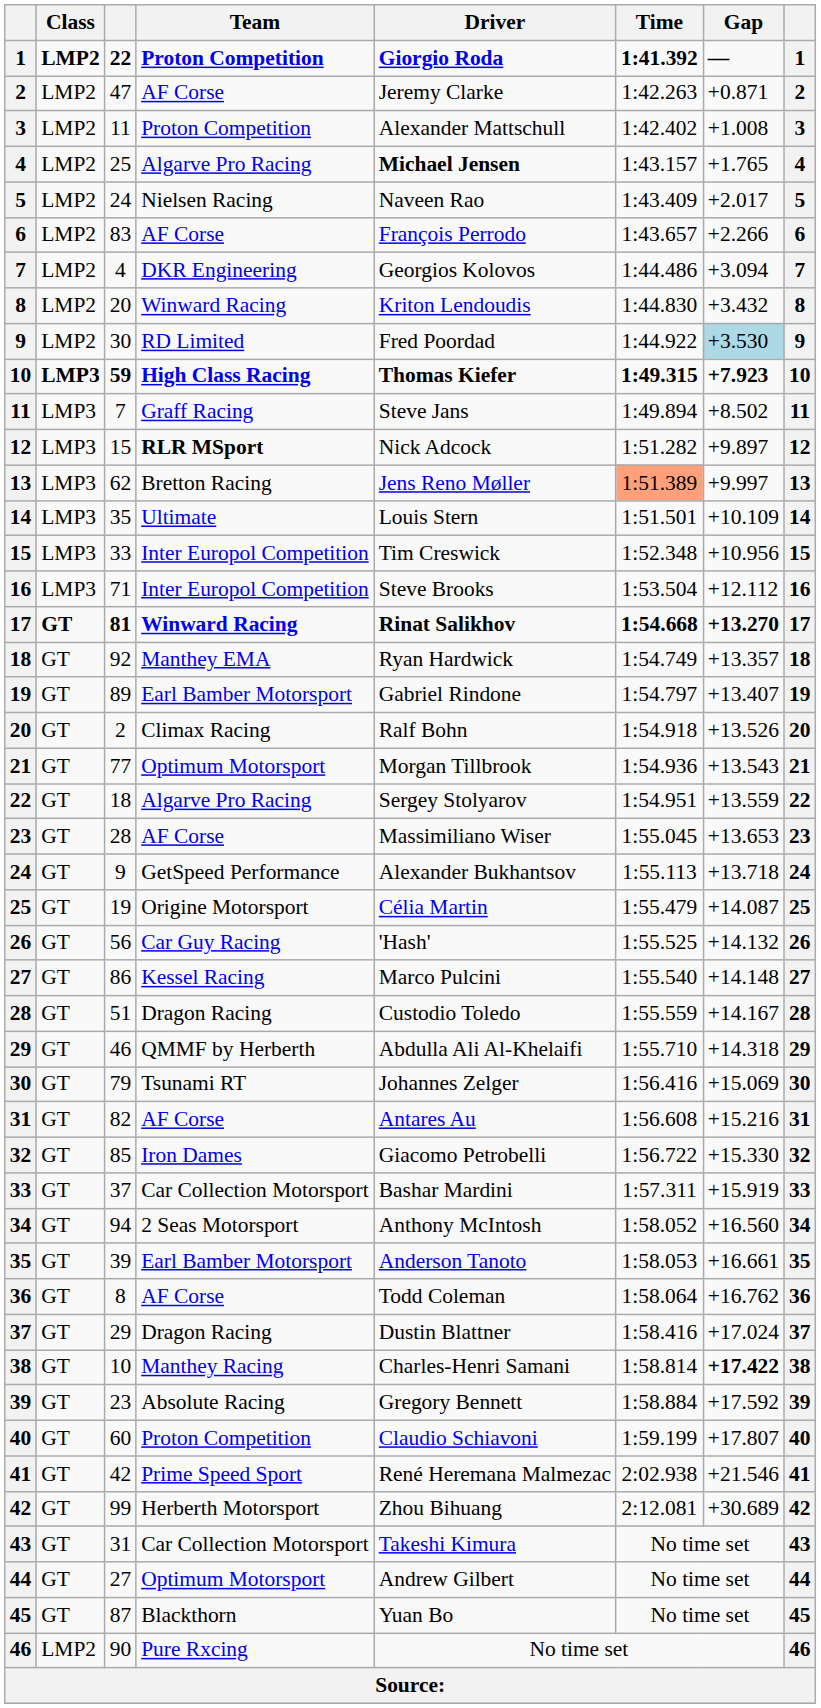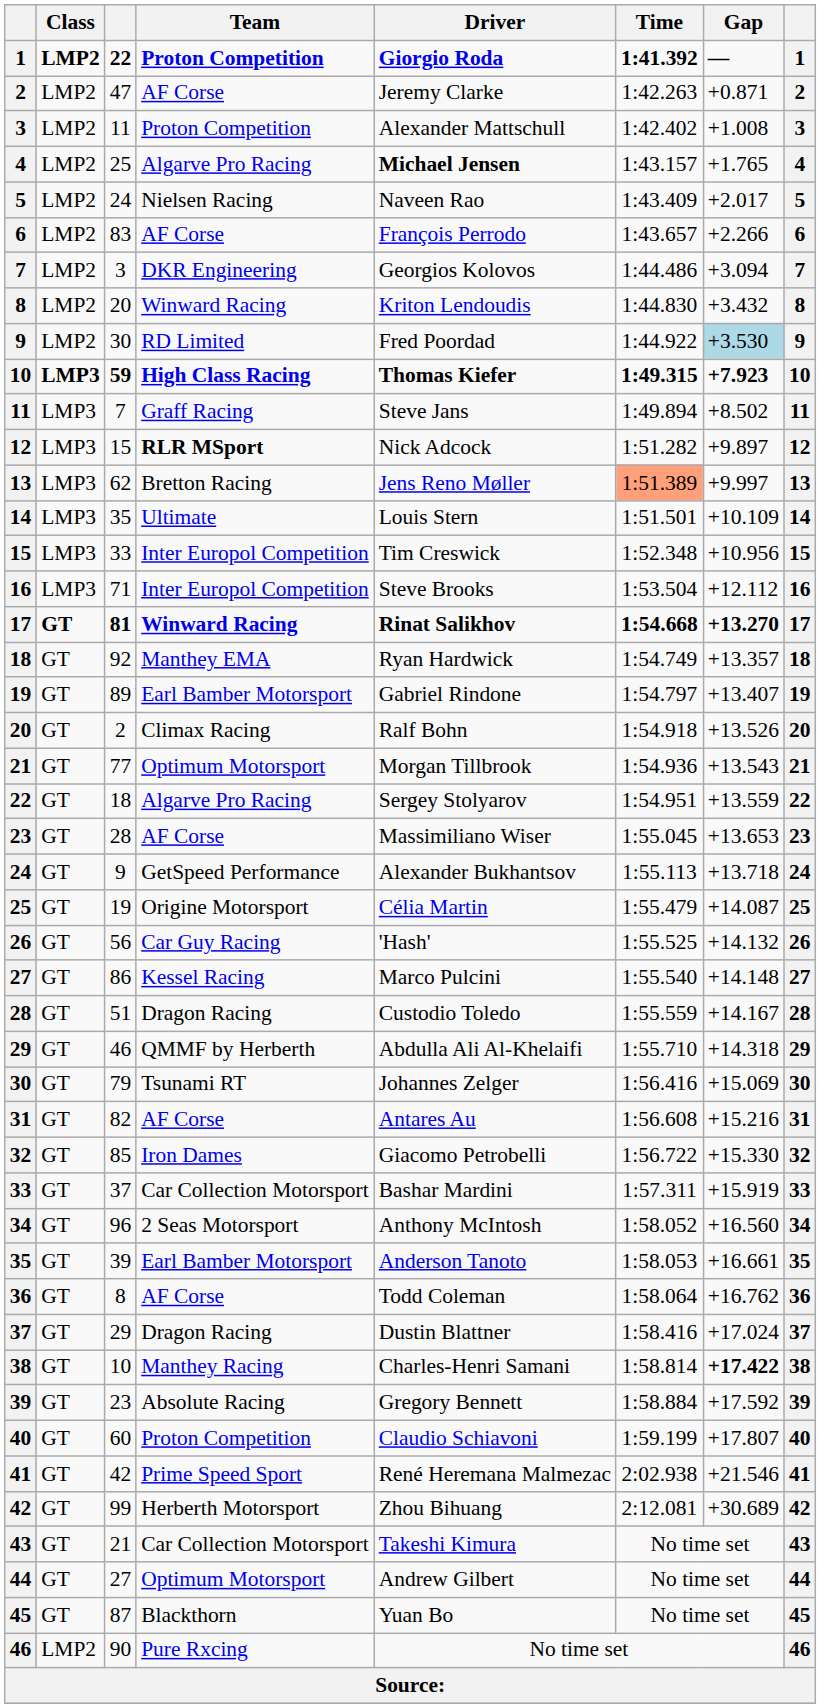 <table class="wikitable sortable" style="font-size:90%;">
 <tr>
 <th></th>
 <th class="unsortable">Class</th>
 <th class="unsortable"></th>
 <th class="unsortable">Team</th>
 <th class="unsortable">Driver</th>
 <th class="unsortable">Time</th>
 <th class="unsortable">Gap</th>
 <th></th>
 </tr>
 <tr style="font-weight:bold;">
 <th>1</th>
 <td>LMP2</td>
 <td align="center">22</td>
 <td> <a href='#'>Proton Competition</a></td>
 <td> <a href='#'>Giorgio Roda</a></td>
 <td align="center">1:41.392</td>
 <td>—</td>
 <th>1</th>
 </tr>
 <tr>
 <th>2</th>
 <td>LMP2</td>
 <td align="center">47</td>
 <td> <a href='#'>AF Corse</a></td>
 <td> Jeremy Clarke</td>
 <td align="center">1:42.263</td>
 <td>+0.871</td>
 <th>2</th>
 </tr>
 <tr>
 <th>3</th>
 <td>LMP2</td>
 <td align="center">11</td>
 <td> <a href='#'>Proton Competition</a></td>
 <td> Alexander Mattschull</td>
 <td align="center">1:42.402</td>
 <td>+1.008</td>
 <th>3</th>
 </tr>
 <tr>
 <th>4</th>
 <td>LMP2</td>
 <td align="center">25</td>
 <td> <a href='#'>Algarve Pro Racing</a></td>
 <td><strong> Michael Jensen</strong></td>
 <td align="center">1:43.157</td>
 <td>+1.765</td>
 <th>4</th>
 </tr>
 <tr>
 <th>5</th>
 <td>LMP2</td>
 <td align="center">24</td>
 <td> Nielsen Racing</td>
 <td> Naveen Rao</td>
 <td align="center">1:43.409</td>
 <td>+2.017</td>
 <th>5</th>
 </tr>
 <tr>
 <th>6</th>
 <td>LMP2</td>
 <td align="center">83</td>
 <td> <a href='#'>AF Corse</a></td>
 <td> <a href='#'>François Perrodo</a></td>
 <td align="center">1:43.657</td>
 <td>+2.266</td>
 <th>6</th>
 </tr>
 <tr>
 <th>7</th>
 <td>LMP2</td>
-<td align="center">4</td>
+<td align="center">3</td>
 <td> <a href='#'>DKR Engineering</a></td>
 <td> Georgios Kolovos</td>
 <td align="center">1:44.486</td>
 <td>+3.094</td>
 <th>7</th>
 </tr>
 <tr>
 <th>8</th>
 <td>LMP2</td>
 <td align="center">20</td>
 <td> <a href='#'>Winward Racing</a></td>
 <td> <a href='#'>Kriton Lendoudis</a></td>
 <td align="center">1:44.830</td>
 <td>+3.432</td>
 <th>8</th>
 </tr>
 <tr>
 <th>9</th>
 <td>LMP2</td>
 <td align="center">30</td>
 <td> <a href='#'>RD Limited</a></td>
 <td> Fred Poordad</td>
 <td align="center">1:44.922</td>
 <td style="background: lightblue;">+3.530</td>
 <th>9</th>
 </tr>
 <tr style="font-weight:bold;">
 <th>10</th>
 <td>LMP3</td>
 <td align="center">59</td>
 <td> <a href='#'>High Class Racing</a></td>
 <td> Thomas Kiefer</td>
 <td align="center">1:49.315</td>
 <td>+7.923</td>
 <th>10</th>
 </tr>
 <tr>
 <th>11</th>
 <td>LMP3</td>
 <td align="center">7</td>
 <td> <a href='#'>Graff Racing</a></td>
 <td> Steve Jans</td>
 <td align="center">1:49.894</td>
 <td>+8.502</td>
 <th>11</th>
 </tr>
 <tr>
 <th>12</th>
 <td>LMP3</td>
 <td align="center">15</td>
 <td><strong> RLR MSport</strong></td>
 <td> Nick Adcock</td>
 <td align="center">1:51.282</td>
 <td>+9.897</td>
 <th>12</th>
 </tr>
 <tr>
 <th>13</th>
 <td>LMP3</td>
 <td align="center">62</td>
 <td> Bretton Racing</td>
 <td> <a href='#'>Jens Reno Møller</a></td>
 <td align="center" style="background: lightsalmon;">1:51.389</td>
 <td>+9.997</td>
 <th>13</th>
 </tr>
 <tr>
 <th>14</th>
 <td>LMP3</td>
 <td align="center">35</td>
 <td> <a href='#'>Ultimate</a></td>
 <td> Louis Stern</td>
 <td align="center">1:51.501</td>
 <td>+10.109</td>
 <th>14</th>
 </tr>
 <tr>
 <th>15</th>
 <td>LMP3</td>
 <td align="center">33</td>
 <td> <a href='#'>Inter Europol Competition</a></td>
 <td> Tim Creswick</td>
 <td align="center">1:52.348</td>
 <td>+10.956</td>
 <th>15</th>
 </tr>
 <tr>
 <th>16</th>
 <td>LMP3</td>
 <td align="center">71</td>
 <td> <a href='#'>Inter Europol Competition</a></td>
 <td> Steve Brooks</td>
 <td align="center">1:53.504</td>
 <td>+12.112</td>
 <th>16</th>
 </tr>
 <tr style="font-weight:bold;">
 <th>17</th>
 <td>GT</td>
 <td align="center">81</td>
 <td> <a href='#'>Winward Racing</a></td>
 <td> Rinat Salikhov</td>
 <td align="center">1:54.668</td>
 <td>+13.270</td>
 <th>17</th>
 </tr>
 <tr>
 <th>18</th>
 <td>GT</td>
 <td align="center">92</td>
 <td> <a href='#'>Manthey EMA</a></td>
 <td> Ryan Hardwick</td>
 <td align="center">1:54.749</td>
 <td>+13.357</td>
 <th>18</th>
 </tr>
 <tr>
 <th>19</th>
 <td>GT</td>
 <td align="center">89</td>
 <td> <a href='#'>Earl Bamber Motorsport</a></td>
 <td> Gabriel Rindone</td>
 <td align="center">1:54.797</td>
 <td>+13.407</td>
 <th>19</th>
 </tr>
 <tr>
 <th>20</th>
 <td>GT</td>
 <td align="center">2</td>
 <td> Climax Racing</td>
 <td> Ralf Bohn</td>
 <td align="center">1:54.918</td>
 <td>+13.526</td>
 <th>20</th>
 </tr>
 <tr>
 <th>21</th>
 <td>GT</td>
 <td align="center">77</td>
 <td> <a href='#'>Optimum Motorsport</a></td>
 <td> Morgan Tillbrook</td>
 <td align="center">1:54.936</td>
 <td>+13.543</td>
 <th>21</th>
 </tr>
 <tr>
 <th>22</th>
 <td>GT</td>
 <td align="center">18</td>
 <td> <a href='#'>Algarve Pro Racing</a></td>
 <td> Sergey Stolyarov</td>
 <td align="center">1:54.951</td>
 <td>+13.559</td>
 <th>22</th>
 </tr>
 <tr>
 <th>23</th>
 <td>GT</td>
 <td align="center">28</td>
 <td> <a href='#'>AF Corse</a></td>
 <td> Massimiliano Wiser</td>
 <td align="center">1:55.045</td>
 <td>+13.653</td>
 <th>23</th>
 </tr>
 <tr>
 <th>24</th>
 <td>GT</td>
 <td align="center">9</td>
 <td> GetSpeed Performance</td>
 <td> Alexander Bukhantsov</td>
 <td align="center">1:55.113</td>
 <td>+13.718</td>
 <th>24</th>
 </tr>
 <tr>
 <th>25</th>
 <td>GT</td>
 <td align="center">19</td>
 <td> Origine Motorsport</td>
 <td> <a href='#'>Célia Martin</a></td>
 <td align="center">1:55.479</td>
 <td>+14.087</td>
 <th>25</th>
 </tr>
 <tr>
 <th>26</th>
 <td>GT</td>
 <td align="center">56</td>
 <td> <a href='#'>Car Guy Racing</a></td>
 <td> 'Hash'</td>
 <td align="center">1:55.525</td>
 <td>+14.132</td>
 <th>26</th>
 </tr>
 <tr>
 <th>27</th>
 <td>GT</td>
 <td align="center">86</td>
 <td> <a href='#'>Kessel Racing</a></td>
 <td> Marco Pulcini</td>
 <td align="center">1:55.540</td>
 <td>+14.148</td>
 <th>27</th>
 </tr>
 <tr>
 <th>28</th>
 <td>GT</td>
 <td align="center">51</td>
 <td> Dragon Racing</td>
 <td> Custodio Toledo</td>
 <td align="center">1:55.559</td>
 <td>+14.167</td>
 <th>28</th>
 </tr>
 <tr>
 <th>29</th>
 <td>GT</td>
 <td align="center">46</td>
 <td> QMMF by Herberth</td>
 <td> Abdulla Ali Al-Khelaifi</td>
 <td align="center">1:55.710</td>
 <td>+14.318</td>
 <th>29</th>
 </tr>
 <tr>
 <th>30</th>
 <td>GT</td>
 <td align="center">79</td>
 <td> Tsunami RT</td>
 <td> Johannes Zelger</td>
 <td align="center">1:56.416</td>
 <td>+15.069</td>
 <th>30</th>
 </tr>
 <tr>
 <th>31</th>
 <td>GT</td>
 <td align="center">82</td>
 <td> <a href='#'>AF Corse</a></td>
 <td> <a href='#'>Antares Au</a></td>
 <td align="center">1:56.608</td>
 <td>+15.216</td>
 <th>31</th>
 </tr>
 <tr>
 <th>32</th>
 <td>GT</td>
 <td align="center">85</td>
 <td> <a href='#'>Iron Dames</a></td>
 <td> Giacomo Petrobelli</td>
 <td align="center">1:56.722</td>
 <td>+15.330</td>
 <th>32</th>
 </tr>
 <tr>
 <th>33</th>
 <td>GT</td>
 <td align="center">37</td>
 <td> Car Collection Motorsport</td>
 <td> Bashar Mardini</td>
 <td align="center">1:57.311</td>
 <td>+15.919</td>
 <th>33</th>
 </tr>
 <tr>
 <th>34</th>
 <td>GT</td>
-<td align="center">94</td>
+<td align="center">96</td>
 <td> 2 Seas Motorsport</td>
 <td> Anthony McIntosh</td>
 <td align="center">1:58.052</td>
 <td>+16.560</td>
 <th>34</th>
 </tr>
 <tr>
 <th>35</th>
 <td>GT</td>
 <td align="center">39</td>
 <td> <a href='#'>Earl Bamber Motorsport</a></td>
 <td> <a href='#'>Anderson Tanoto</a></td>
 <td align="center">1:58.053</td>
 <td>+16.661</td>
 <th>35</th>
 </tr>
 <tr>
 <th>36</th>
 <td>GT</td>
 <td align="center">8</td>
 <td> <a href='#'>AF Corse</a></td>
 <td> Todd Coleman</td>
 <td align="center">1:58.064</td>
 <td>+16.762</td>
 <th>36</th>
 </tr>
 <tr>
 <th>37</th>
 <td>GT</td>
 <td align="center">29</td>
 <td> Dragon Racing</td>
 <td> Dustin Blattner</td>
 <td align="center">1:58.416</td>
 <td>+17.024</td>
 <th>37</th>
 </tr>
 <tr>
 <th>38</th>
 <td>GT</td>
 <td align="center">10</td>
 <td> <a href='#'>Manthey Racing</a></td>
 <td> Charles-Henri Samani</td>
 <td align="center">1:58.814</td>
 <td><strong>+17.422</strong></td>
 <th>38</th>
 </tr>
 <tr>
 <th>39</th>
 <td>GT</td>
 <td align="center">23</td>
 <td> Absolute Racing</td>
 <td> Gregory Bennett</td>
 <td align="center">1:58.884</td>
 <td>+17.592</td>
 <th>39</th>
 </tr>
 <tr>
 <th>40</th>
 <td>GT</td>
 <td align="center">60</td>
 <td> <a href='#'>Proton Competition</a></td>
 <td> <a href='#'>Claudio Schiavoni</a></td>
 <td align="center">1:59.199</td>
 <td>+17.807</td>
 <th>40</th>
 </tr>
 <tr>
 <th>41</th>
 <td>GT</td>
 <td align="center">42</td>
 <td> <a href='#'>Prime Speed Sport</a></td>
 <td> René Heremana Malmezac</td>
 <td align="center">2:02.938</td>
 <td>+21.546</td>
 <th>41</th>
 </tr>
 <tr>
 <th>42</th>
 <td>GT</td>
 <td align="center">99</td>
 <td> Herberth Motorsport</td>
 <td> Zhou Bihuang</td>
 <td align="center">2:12.081</td>
 <td>+30.689</td>
 <th>42</th>
 </tr>
 <tr>
 <th>43</th>
 <td>GT</td>
-<td align="center">31</td>
+<td align="center">21</td>
 <td> Car Collection Motorsport</td>
 <td> <a href='#'>Takeshi Kimura</a></td>
 <td colspan="2" align="center">No time set</td>
 <th>43</th>
 </tr>
 <tr>
 <th>44</th>
 <td>GT</td>
 <td align="center">27</td>
 <td> <a href='#'>Optimum Motorsport</a></td>
 <td> Andrew Gilbert</td>
 <td colspan="2" align="center">No time set</td>
 <th>44</th>
 </tr>
 <tr>
 <th>45</th>
 <td>GT</td>
 <td align="center">87</td>
 <td> Blackthorn</td>
 <td> Yuan Bo</td>
 <td colspan="2" align="center">No time set</td>
 <th>45</th>
 </tr>
 <tr>
 <th>46</th>
 <td>LMP2</td>
 <td align="center">90</td>
 <td> <a href='#'>Pure Rxcing</a></td>
 <td colspan="3" align="center">No time set</td>
 <th>46</th>
 </tr>
 <tr>
 <th colspan="8">Source:</th>
 </tr>
 <tr>
 </tr>
 </table>
